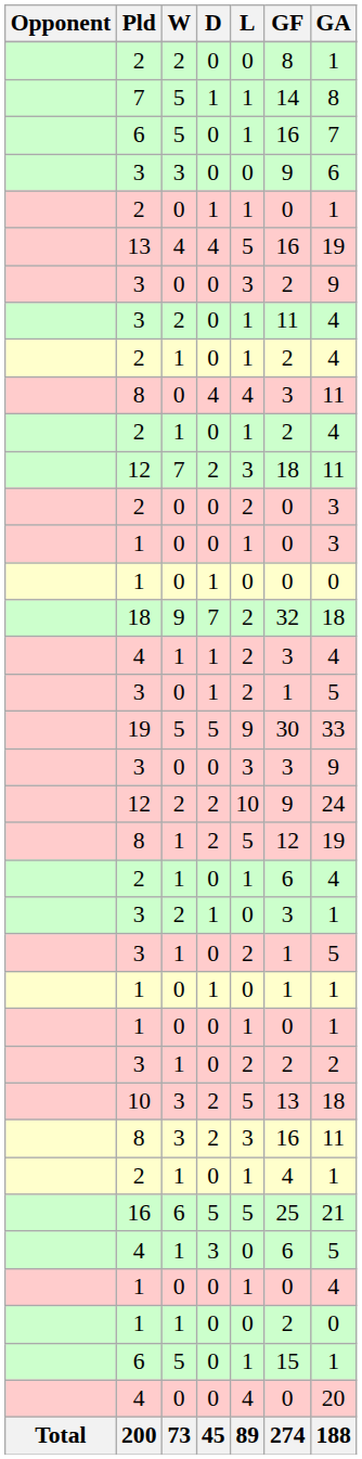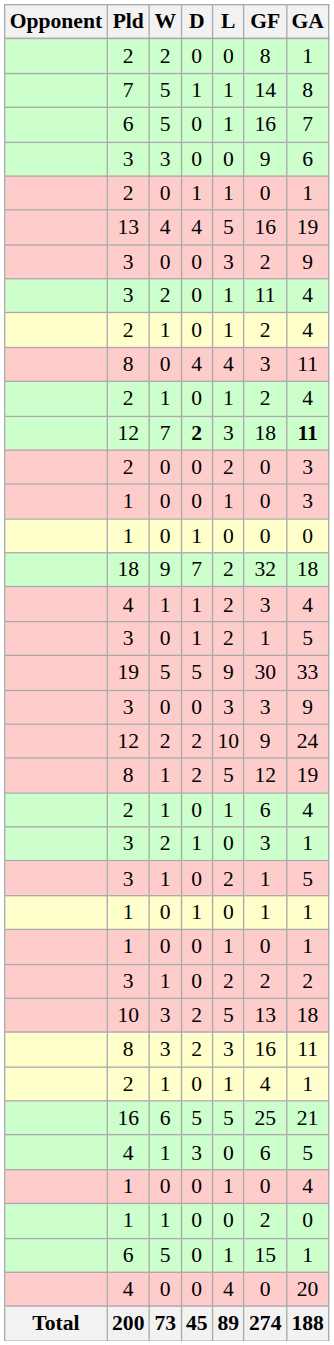 <table class="sortable wikitable" style="text-align:center; font-size:100%;">
 <tr>
 <th>Opponent</th>
 <th>Pld</th>
 <th>W</th>
 <th>D</th>
 <th>L</th>
 <th>GF</th>
 <th>GA</th>
 </tr>
 <tr align="center">
 </tr>
 <tr bgcolor="#ccffcc">
 <td align="left"></td>
 <td>2</td>
 <td>2</td>
 <td>0</td>
 <td>0</td>
 <td>8</td>
 <td>1</td>
 </tr>
 <tr bgcolor="#ccffcc">
 <td align="left"></td>
 <td>7</td>
 <td>5</td>
 <td>1</td>
 <td>1</td>
 <td>14</td>
 <td>8</td>
 </tr>
 <tr bgcolor="#ccffcc">
 <td align="left"></td>
 <td>6</td>
 <td>5</td>
 <td>0</td>
 <td>1</td>
 <td>16</td>
 <td>7</td>
 </tr>
 <tr bgcolor="#ccffcc">
 <td align="left"></td>
 <td>3</td>
 <td>3</td>
 <td>0</td>
 <td>0</td>
 <td>9</td>
 <td>6</td>
 </tr>
 <tr bgcolor="#ffcccc">
 <td align="left"></td>
 <td>2</td>
 <td>0</td>
 <td>1</td>
 <td>1</td>
 <td>0</td>
 <td>1</td>
 </tr>
 <tr bgcolor="#ffcccc">
 <td align="left"></td>
 <td>13</td>
 <td>4</td>
 <td>4</td>
 <td>5</td>
 <td>16</td>
 <td>19</td>
 </tr>
 <tr bgcolor="#ffcccc">
 <td align="left"></td>
 <td>3</td>
 <td>0</td>
 <td>0</td>
 <td>3</td>
 <td>2</td>
 <td>9</td>
 </tr>
 <tr bgcolor="#ccffcc">
 <td align="left"></td>
 <td>3</td>
 <td>2</td>
 <td>0</td>
 <td>1</td>
 <td>11</td>
 <td>4</td>
 </tr>
 <tr bgcolor="#ffffcc">
 <td align="left"></td>
 <td>2</td>
 <td>1</td>
 <td>0</td>
 <td>1</td>
 <td>2</td>
 <td>4</td>
 </tr>
 <tr bgcolor="#ffcccc">
 <td align="left"></td>
 <td>8</td>
 <td>0</td>
 <td>4</td>
 <td>4</td>
 <td>3</td>
 <td>11</td>
 </tr>
 <tr bgcolor="#ccffcc">
 <td align="left"></td>
 <td>2</td>
 <td>1</td>
 <td>0</td>
 <td>1</td>
 <td>2</td>
 <td>4</td>
 </tr>
 <tr bgcolor="#ccffcc">
 <td align="left"></td>
 <td>12</td>
 <td>7</td>
-<td>2</td>
+<td><strong>2</strong></td>
 <td>3</td>
 <td>18</td>
-<td>11</td>
+<td><strong>11</strong></td>
 </tr>
 <tr bgcolor="#ffcccc">
 <td align="left"></td>
 <td>2</td>
 <td>0</td>
 <td>0</td>
 <td>2</td>
 <td>0</td>
 <td>3</td>
 </tr>
 <tr bgcolor="#ffcccc">
 <td align="left"></td>
 <td>1</td>
 <td>0</td>
 <td>0</td>
 <td>1</td>
 <td>0</td>
 <td>3</td>
 </tr>
 <tr bgcolor="#ffffcc">
 <td align="left"></td>
 <td>1</td>
 <td>0</td>
 <td>1</td>
 <td>0</td>
 <td>0</td>
 <td>0</td>
 </tr>
 <tr bgcolor="#ccffcc">
 <td align="left"></td>
 <td>18</td>
 <td>9</td>
 <td>7</td>
 <td>2</td>
 <td>32</td>
 <td>18</td>
 </tr>
 <tr bgcolor="#ffcccc">
 <td align="left"></td>
 <td>4</td>
 <td>1</td>
 <td>1</td>
 <td>2</td>
 <td>3</td>
 <td>4</td>
 </tr>
 <tr bgcolor="#ffcccc">
 <td align="left"></td>
 <td>3</td>
 <td>0</td>
 <td>1</td>
 <td>2</td>
 <td>1</td>
 <td>5</td>
 </tr>
 <tr bgcolor="#ffcccc">
 <td align="left"></td>
 <td>19</td>
 <td>5</td>
 <td>5</td>
 <td>9</td>
 <td>30</td>
 <td>33</td>
 </tr>
 <tr bgcolor="#ffcccc">
 <td align="left"></td>
 <td>3</td>
 <td>0</td>
 <td>0</td>
 <td>3</td>
 <td>3</td>
 <td>9</td>
 </tr>
 <tr bgcolor="#ffcccc">
 <td align="left"></td>
 <td>12</td>
 <td>2</td>
 <td>2</td>
 <td>10</td>
 <td>9</td>
 <td>24</td>
 </tr>
 <tr bgcolor="#ffcccc">
 <td align="left"></td>
 <td>8</td>
 <td>1</td>
 <td>2</td>
 <td>5</td>
 <td>12</td>
 <td>19</td>
 </tr>
 <tr bgcolor="#ccffcc">
 <td align="left"></td>
 <td>2</td>
 <td>1</td>
 <td>0</td>
 <td>1</td>
 <td>6</td>
 <td>4</td>
 </tr>
 <tr bgcolor="#ccffcc">
 <td align="left"></td>
 <td>3</td>
 <td>2</td>
 <td>1</td>
 <td>0</td>
 <td>3</td>
 <td>1</td>
 </tr>
 <tr bgcolor="#ffcccc">
 <td align="left"></td>
 <td>3</td>
 <td>1</td>
 <td>0</td>
 <td>2</td>
 <td>1</td>
 <td>5</td>
 </tr>
 <tr bgcolor="#ffffcc">
 <td align="left"></td>
 <td>1</td>
 <td>0</td>
 <td>1</td>
 <td>0</td>
 <td>1</td>
 <td>1</td>
 </tr>
 <tr bgcolor="#ffcccc">
 <td align="left"></td>
 <td>1</td>
 <td>0</td>
 <td>0</td>
 <td>1</td>
 <td>0</td>
 <td>1</td>
 </tr>
 <tr bgcolor="#ffcccc">
 <td align="left"></td>
 <td>3</td>
 <td>1</td>
 <td>0</td>
 <td>2</td>
 <td>2</td>
 <td>2</td>
 </tr>
 <tr bgcolor="#ffcccc">
 <td align="left"></td>
 <td>10</td>
 <td>3</td>
 <td>2</td>
 <td>5</td>
 <td>13</td>
 <td>18</td>
 </tr>
 <tr bgcolor="#ffffcc">
 <td align="left"></td>
 <td>8</td>
 <td>3</td>
 <td>2</td>
 <td>3</td>
 <td>16</td>
 <td>11</td>
 </tr>
 <tr bgcolor="#ffffcc">
 <td align="left"></td>
 <td>2</td>
 <td>1</td>
 <td>0</td>
 <td>1</td>
 <td>4</td>
 <td>1</td>
 </tr>
 <tr bgcolor="#ccffcc">
 <td align="left"></td>
 <td>16</td>
 <td>6</td>
 <td>5</td>
 <td>5</td>
 <td>25</td>
 <td>21</td>
 </tr>
 <tr bgcolor="#ccffcc">
 <td align="left"></td>
 <td>4</td>
 <td>1</td>
 <td>3</td>
 <td>0</td>
 <td>6</td>
 <td>5</td>
 </tr>
 <tr bgcolor="#ffcccc">
 <td align="left"></td>
 <td>1</td>
 <td>0</td>
 <td>0</td>
 <td>1</td>
 <td>0</td>
 <td>4</td>
 </tr>
 <tr bgcolor="#ccffcc">
 <td align="left"></td>
 <td>1</td>
 <td>1</td>
 <td>0</td>
 <td>0</td>
 <td>2</td>
 <td>0</td>
 </tr>
 <tr bgcolor="#ccffcc">
 <td align="left"></td>
 <td>6</td>
 <td>5</td>
 <td>0</td>
 <td>1</td>
 <td>15</td>
 <td>1</td>
 </tr>
 <tr bgcolor="#ffcccc">
 <td align="left"></td>
 <td>4</td>
 <td>0</td>
 <td>0</td>
 <td>4</td>
 <td>0</td>
 <td>20</td>
 </tr>
 <tr class="sortbottom">
 <th>Total</th>
 <th>200</th>
 <th>73</th>
 <th>45</th>
 <th>89</th>
 <th>274</th>
 <th>188</th>
 </tr>
 </table>
